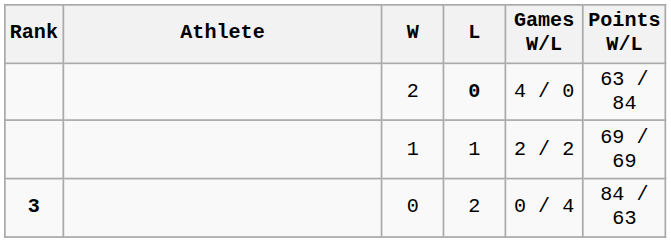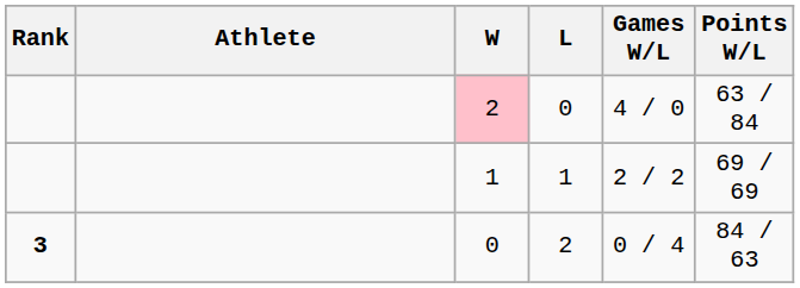 <table class="wikitable" style="text-align: center; font-size:90% ">
 <tr>
 <th width="20">Rank</th>
 <th width="180">Athlete</th>
 <th width="30">W</th>
 <th width="30">L</th>
 <th width="40">Games<br>W/L</th>
 <th width="40">Points<br>W/L</th>
 </tr>
 <tr>
 <td></td>
 <td align=left><strong></strong></td>
-<td>2</td>
-<td><strong>0</strong></td>
+<td style="background: pink;">2</td>
+<td>0</td>
 <td>4 / 0</td>
 <td>63 / 84</td>
 </tr>
 <tr>
 <td></td>
 <td align=left><strong></strong></td>
 <td>1</td>
 <td>1</td>
 <td>2 / 2</td>
 <td>69 / 69</td>
 </tr>
 <tr>
 <td><strong>3</strong></td>
 <td align=left></td>
 <td>0</td>
 <td>2</td>
 <td>0 / 4</td>
 <td>84 / 63</td>
 </tr>
 </table>
